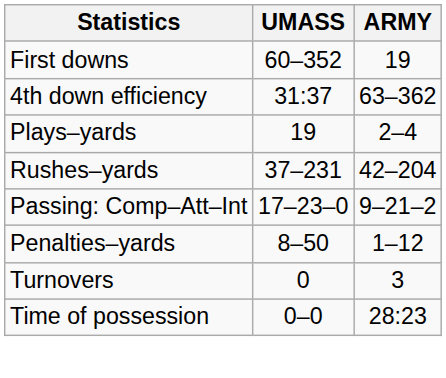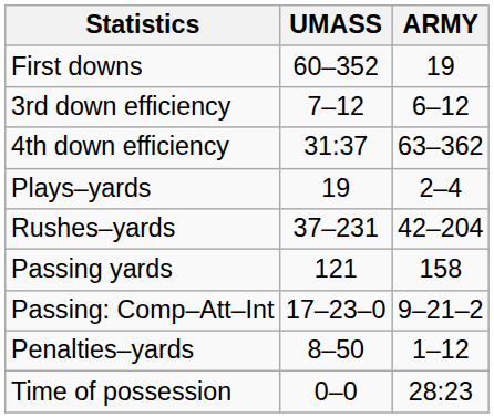 <table class="wikitable">
 <tr>
 <th>Statistics</th>
 <th>UMASS</th>
 <th>ARMY</th>
 </tr>
 <tr>
 <td>First downs</td>
 <td align=center>60–352</td>
 <td align=center>19</td>
+</tr>
+<tr>
+<td>3rd down efficiency</td>
+<td align=center>7–12</td>
+<td align=center>6–12</td>
 </tr>
 <tr>
 <td>4th down efficiency</td>
 <td align=center>31:37</td>
 <td align=center>63–362</td>
 </tr>
 <tr>
 <td>Plays–yards</td>
 <td align=center>19</td>
 <td align=center>2–4</td>
 </tr>
 <tr>
 <td>Rushes–yards</td>
 <td align=center>37–231</td>
 <td align=center>42–204</td>
 </tr>
 <tr>
+<td>Passing yards</td>
+<td align=center>121</td>
+<td align=center>158</td>
+</tr>
+<tr>
 <td>Passing: Comp–Att–Int</td>
 <td align=center>17–23–0</td>
 <td align=center>9–21–2</td>
 </tr>
 <tr>
 <td>Penalties–yards</td>
 <td align=center>8–50</td>
 <td align=center>1–12</td>
 </tr>
 <tr>
-<td>Turnovers</td>
-<td align=center>0</td>
-<td align=center>3</td>
-</tr>
-<tr>
 <td>Time of possession</td>
 <td align=center>0–0</td>
 <td align=center>28:23</td>
 </tr>
 </table>
